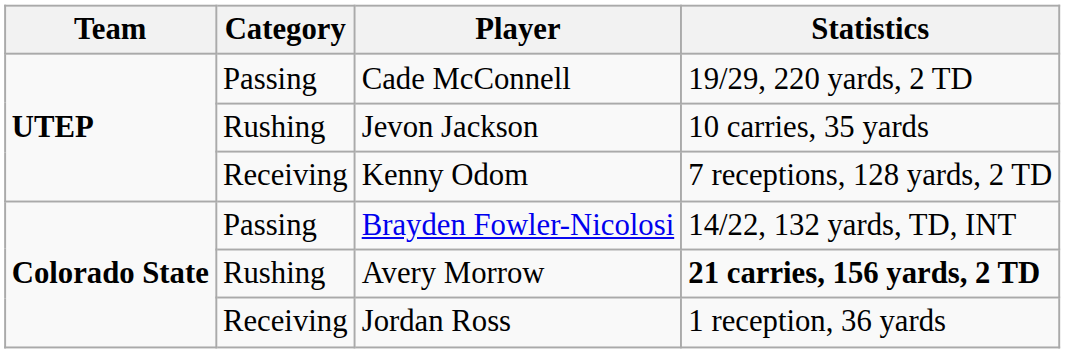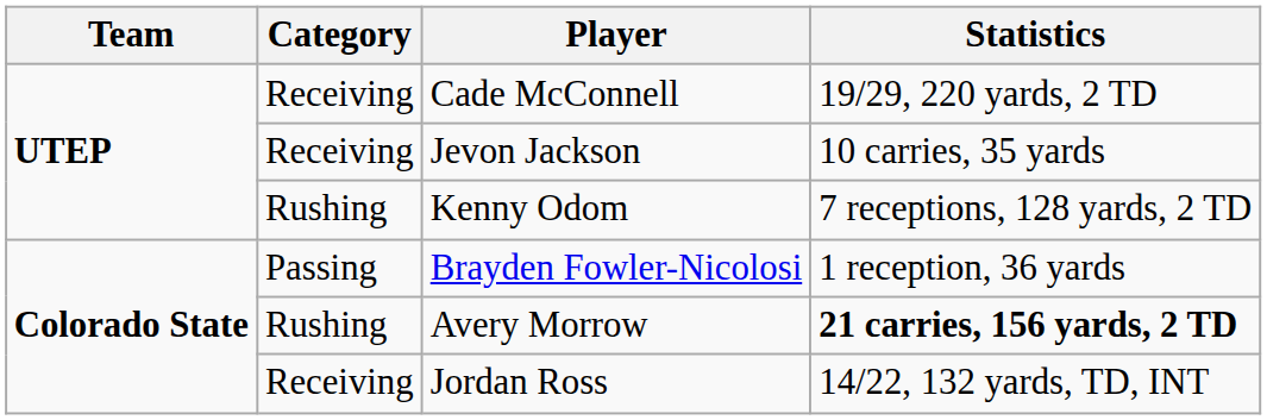 <table class="wikitable" style="float: right;">
 <tr>
 <th>Team</th>
 <th>Category</th>
 <th>Player</th>
 <th>Statistics</th>
 </tr>
 <tr>
 <td rowspan=3><strong>UTEP</strong></td>
-<td>Passing</td>
+<td>Receiving</td>
 <td>Cade McConnell</td>
 <td>19/29, 220 yards, 2 TD</td>
 </tr>
 <tr>
-<td>Rushing</td>
+<td>Receiving</td>
 <td>Jevon Jackson</td>
 <td>10 carries, 35 yards</td>
 </tr>
 <tr>
-<td>Receiving</td>
+<td>Rushing</td>
 <td>Kenny Odom</td>
 <td>7 receptions, 128 yards, 2 TD</td>
 </tr>
 <tr>
 <td rowspan=3><strong>Colorado State</strong></td>
 <td>Passing</td>
 <td><a href='#'>Brayden Fowler-Nicolosi</a></td>
-<td>14/22, 132 yards, TD, INT</td>
+<td>1 reception, 36 yards</td>
 </tr>
 <tr>
 <td>Rushing</td>
 <td>Avery Morrow</td>
 <td><strong>21 carries, 156 yards, 2 TD</strong></td>
 </tr>
 <tr>
 <td>Receiving</td>
 <td>Jordan Ross</td>
-<td>1 reception, 36 yards</td>
+<td>14/22, 132 yards, TD, INT</td>
 </tr>
 </table>
